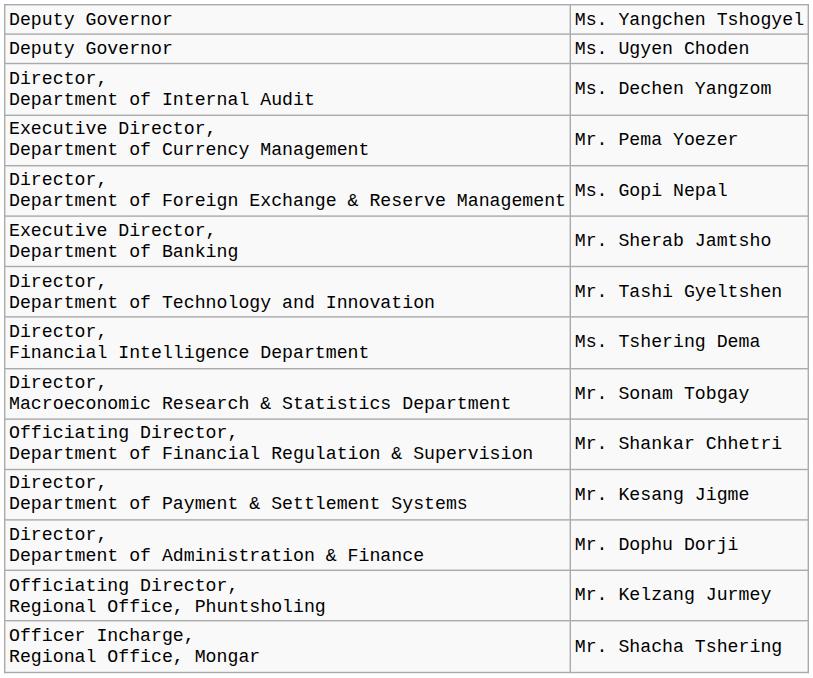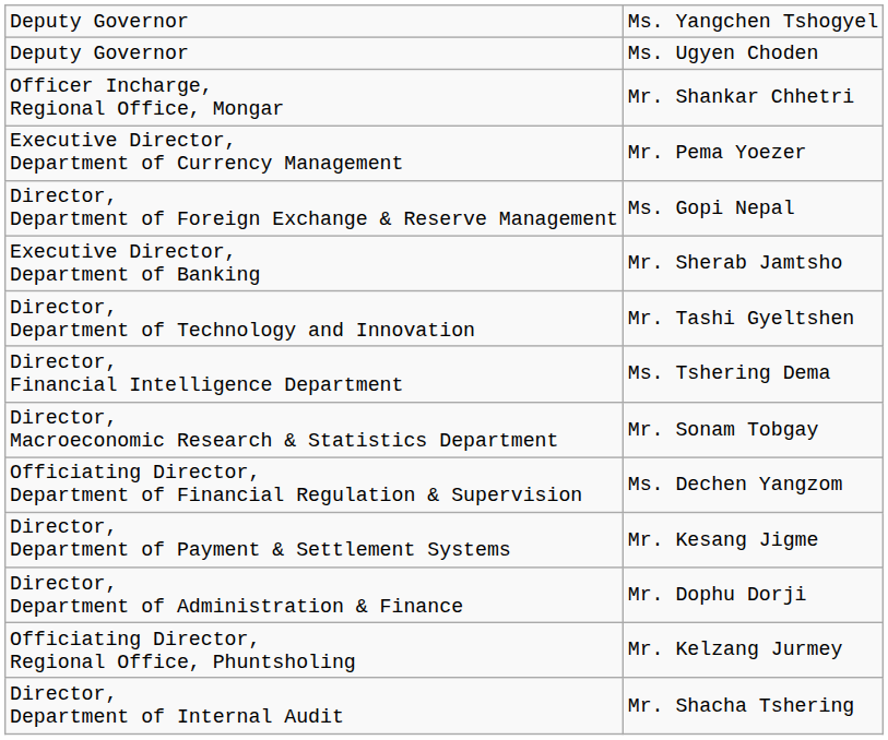 <table class="wikitable">
 <tr>
 <td>Deputy Governor</td>
 <td>Ms. Yangchen Tshogyel</td>
 </tr>
 <tr>
 <td>Deputy Governor</td>
 <td>Ms. Ugyen Choden</td>
 </tr>
 <tr>
-<td>Director,<br>Department of Internal Audit</td>
-<td>Ms. Dechen Yangzom</td>
+<td>Officer Incharge,<br>Regional Office, Mongar</td>
+<td>Mr. Shankar Chhetri</td>
 </tr>
 <tr>
 <td>Executive Director,<br>Department of Currency Management</td>
 <td>Mr. Pema Yoezer</td>
 </tr>
 <tr>
 <td>Director,<br>Department of Foreign Exchange & Reserve Management</td>
 <td>Ms. Gopi Nepal</td>
 </tr>
 <tr>
 <td>Executive Director,<br>Department of Banking</td>
 <td>Mr. Sherab Jamtsho</td>
 </tr>
 <tr>
 <td>Director,<br>Department of Technology and Innovation</td>
 <td>Mr. Tashi Gyeltshen</td>
 </tr>
 <tr>
 <td>Director,<br>Financial Intelligence Department</td>
 <td>Ms. Tshering Dema</td>
 </tr>
 <tr>
 <td>Director,<br>Macroeconomic Research & Statistics Department</td>
 <td>Mr. Sonam Tobgay</td>
 </tr>
 <tr>
 <td>Officiating Director,<br>Department of Financial Regulation & Supervision</td>
-<td>Mr. Shankar Chhetri</td>
+<td>Ms. Dechen Yangzom</td>
 </tr>
 <tr>
 <td>Director,<br>Department of Payment & Settlement Systems</td>
 <td>Mr. Kesang Jigme</td>
 </tr>
 <tr>
 <td>Director,<br>Department of Administration & Finance</td>
 <td>Mr. Dophu Dorji</td>
 </tr>
 <tr>
 <td>Officiating Director,<br>Regional Office, Phuntsholing</td>
 <td>Mr. Kelzang Jurmey</td>
 </tr>
 <tr>
-<td>Officer Incharge,<br>Regional Office, Mongar</td>
+<td>Director,<br>Department of Internal Audit</td>
 <td>Mr. Shacha Tshering</td>
 </tr>
 </table>
